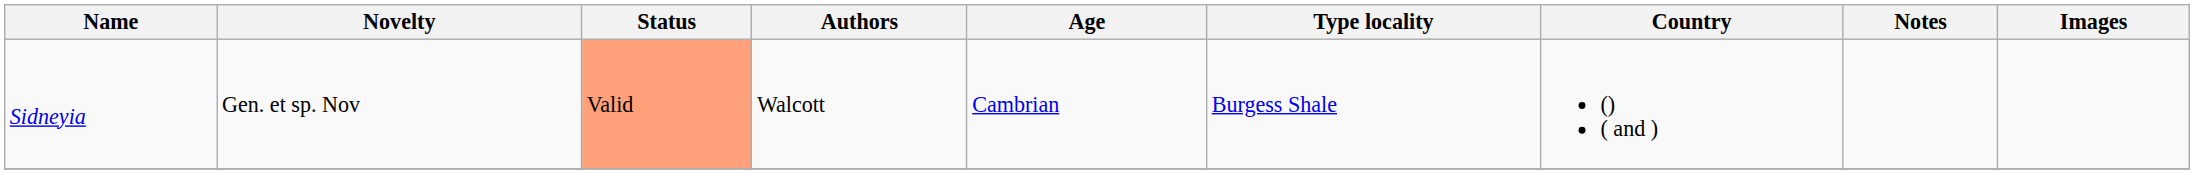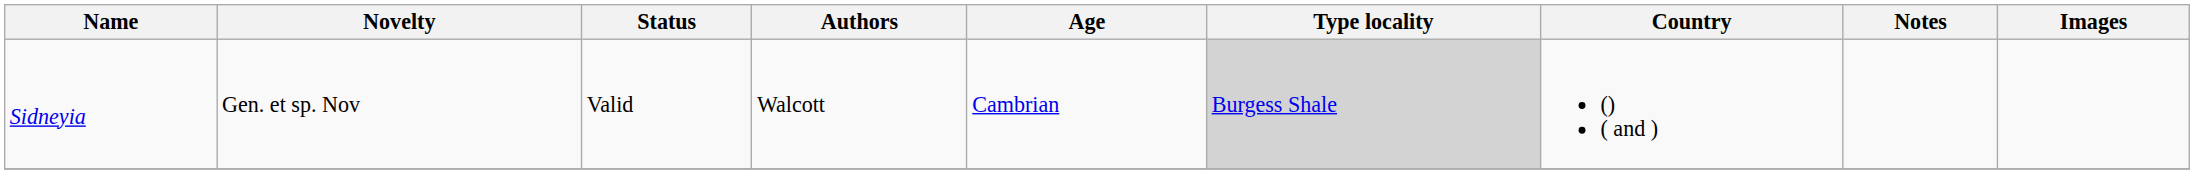 <table class="wikitable sortable" align="center" width="100%">
 <tr>
 <th>Name</th>
 <th>Novelty</th>
 <th>Status</th>
 <th>Authors</th>
 <th>Age</th>
 <th>Type locality</th>
 <th>Country</th>
 <th>Notes</th>
 <th>Images</th>
 </tr>
 <tr>
 <td><br><em><a href='#'>Sidneyia</a></em></td>
 <td>Gen. et sp. Nov</td>
-<td style="background: lightsalmon;">Valid</td>
+<td>Valid</td>
 <td>Walcott</td>
 <td><a href='#'>Cambrian</a></td>
-<td><a href='#'>Burgess Shale</a></td>
+<td style="background: lightgrey;"><a href='#'>Burgess Shale</a></td>
 <td><br><ul><li> ()</li><li> ( and )</li></ul></td>
 <td></td>
 <td><br></td>
 </tr>
 <tr>
 </tr>
 </table>
